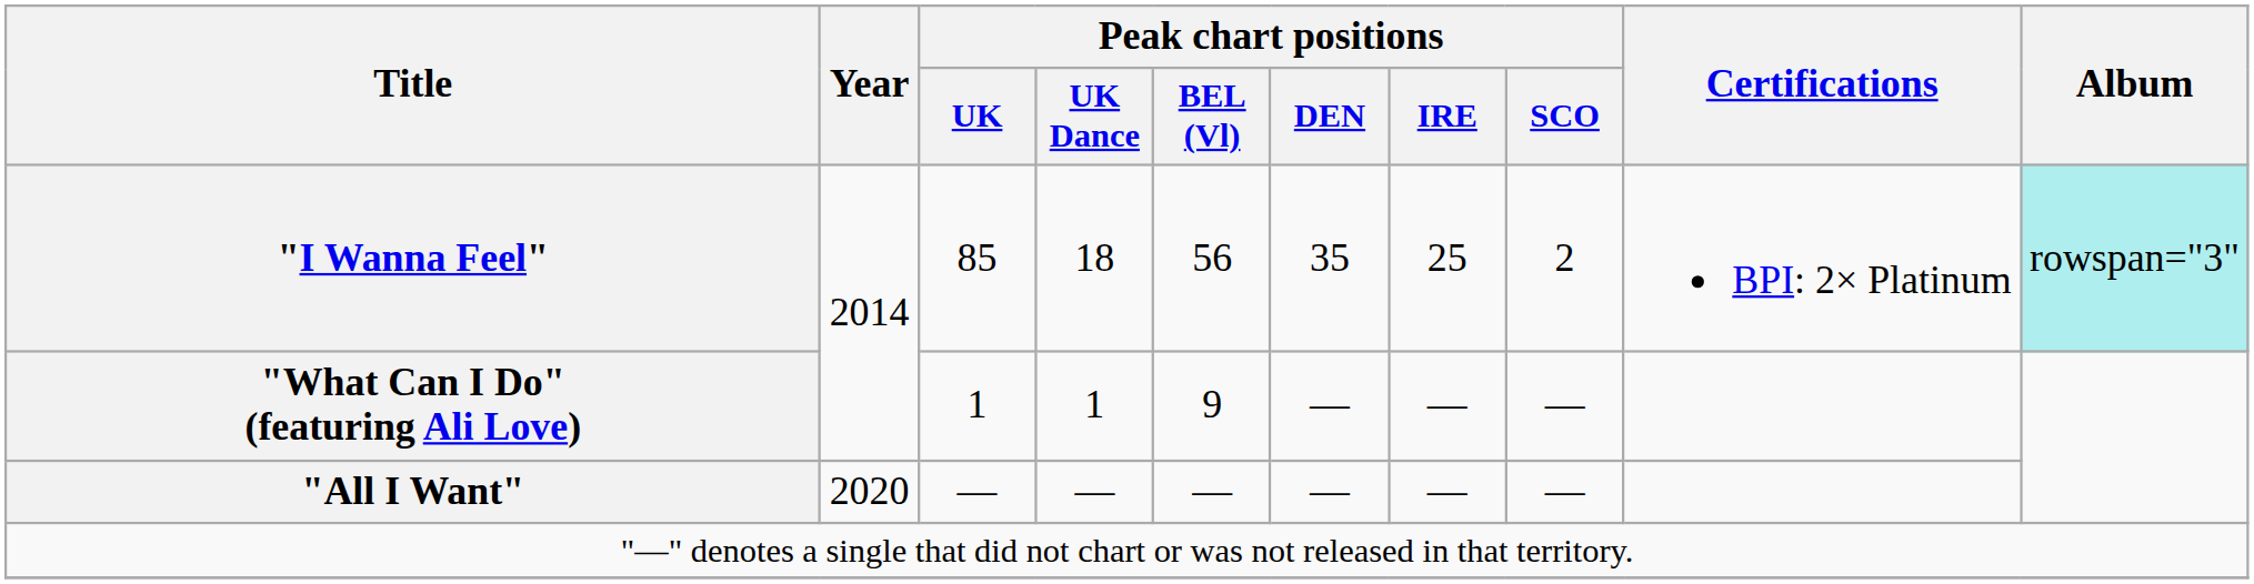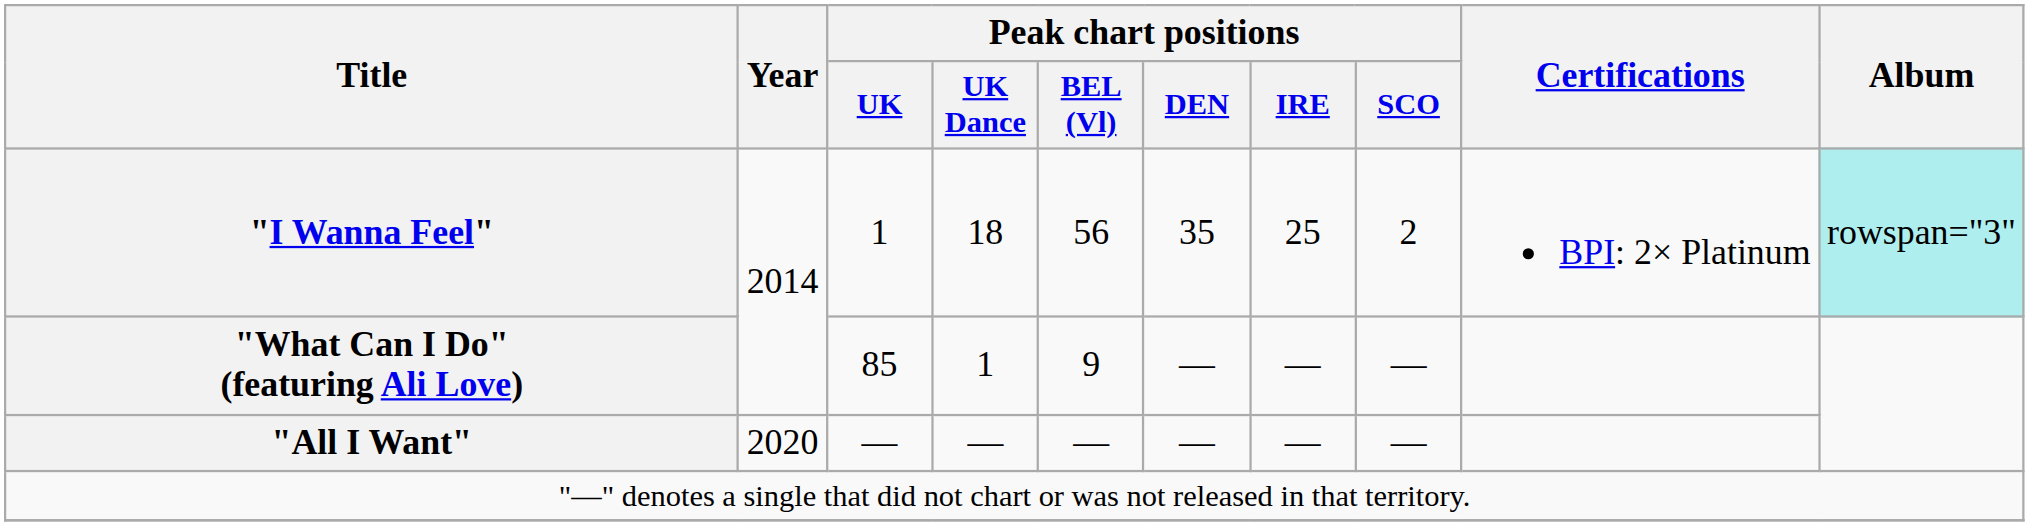 <table class="wikitable plainrowheaders" style="text-align:center;">
 <tr>
 <th scope="col" rowspan="2" style="width:20em;">Title</th>
 <th scope="col" rowspan="2" style="width:1em;">Year</th>
 <th scope="col" colspan="6">Peak chart positions</th>
 <th scope="col" rowspan="2"><a href='#'>Certifications</a></th>
 <th scope="col" rowspan="2">Album</th>
 </tr>
 <tr>
 <th scope="col" style="width:3em;font-size:85%;"><a href='#'>UK</a><br></th>
 <th scope="col" style="width:3em;font-size:85%;"><a href='#'>UK<br>Dance</a><br></th>
 <th scope="col" style="width:3em;font-size:85%;"><a href='#'>BEL (Vl)</a><br></th>
 <th scope="col" style="width:3em;font-size:85%;"><a href='#'>DEN</a><br></th>
 <th scope="col" style="width:3em;font-size:85%;"><a href='#'>IRE</a><br></th>
 <th scope="col" style="width:3em;font-size:85%;"><a href='#'>SCO</a><br></th>
 </tr>
 <tr>
 <th scope="row">"<a href='#'>I Wanna Feel</a>"</th>
 <td rowspan="2">2014</td>
-<td>85</td>
+<td>1</td>
 <td>18</td>
 <td>56</td>
 <td>35</td>
 <td>25</td>
 <td>2</td>
 <td><br><ul><li><a href='#'>BPI</a>: 2× Platinum</li></ul></td>
 <td style="background: paleturquoise;">rowspan="3" </td>
 </tr>
 <tr>
 <th scope="row">"What Can I Do"<br><span>(featuring <a href='#'>Ali Love</a>)</span></th>
-<td>1</td>
+<td>85</td>
 <td>1</td>
 <td>9</td>
 <td>—</td>
 <td>—</td>
 <td>—</td>
 <td></td>
 </tr>
 <tr>
 <th scope="row">"All I Want"<br></th>
 <td>2020</td>
 <td>—</td>
 <td>—</td>
 <td>—</td>
 <td>—</td>
 <td>—</td>
 <td>—</td>
 <td></td>
 </tr>
 <tr>
 <td colspan="19" style="font-size:85%">"—" denotes a single that did not chart or was not released in that territory.</td>
 </tr>
 <tr>
 </tr>
 </table>
